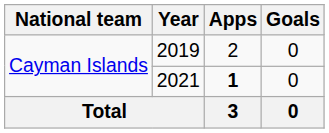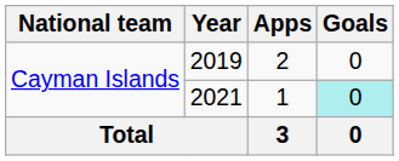 <table class="wikitable" style="text-align:center">
 <tr>
 <th>National team</th>
 <th>Year</th>
 <th>Apps</th>
 <th>Goals</th>
 </tr>
 <tr>
 <td rowspan="2"><a href='#'>Cayman Islands</a></td>
 <td>2019</td>
 <td>2</td>
 <td>0</td>
 </tr>
 <tr>
 <td>2021</td>
-<td><strong>1</strong></td>
-<td>0</td>
+<td>1</td>
+<td style="background: paleturquoise;">0</td>
 </tr>
 <tr>
 <th colspan="2">Total</th>
 <th>3</th>
 <th>0</th>
 </tr>
 </table>
